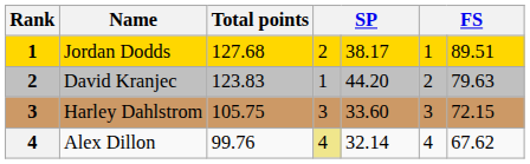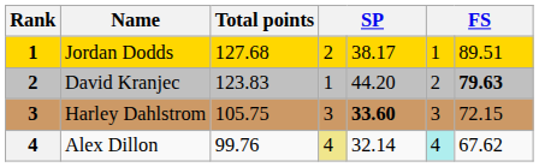 <table class="wikitable sortable">
 <tr>
 <th>Rank</th>
 <th>Name</th>
 <th>Total points</th>
 <th colspan="2" width="80px"><a href='#'>SP</a></th>
 <th colspan="2" width="80px"><a href='#'>FS</a></th>
 </tr>
 <tr bgcolor="gold">
 <td align="center"><strong>1</strong></td>
 <td>Jordan Dodds</td>
 <td>127.68</td>
 <td>2</td>
 <td>38.17</td>
 <td>1</td>
 <td>89.51</td>
 </tr>
 <tr bgcolor="silver">
 <td align="center"><strong>2</strong></td>
 <td>David Kranjec</td>
 <td>123.83</td>
 <td>1</td>
 <td>44.20</td>
 <td>2</td>
-<td>79.63</td>
+<td><strong>79.63</strong></td>
 </tr>
 <tr bgcolor="cc9966">
 <td align="center"><strong>3</strong></td>
 <td>Harley Dahlstrom</td>
 <td>105.75</td>
 <td>3</td>
-<td>33.60</td>
+<td><strong>33.60</strong></td>
 <td>3</td>
 <td>72.15</td>
 </tr>
 <tr>
 <th>4</th>
 <td>Alex Dillon</td>
 <td>99.76</td>
 <td style="background: khaki;">4</td>
 <td>32.14</td>
-<td>4</td>
+<td style="background: paleturquoise;">4</td>
 <td>67.62</td>
 </tr>
 </table>
